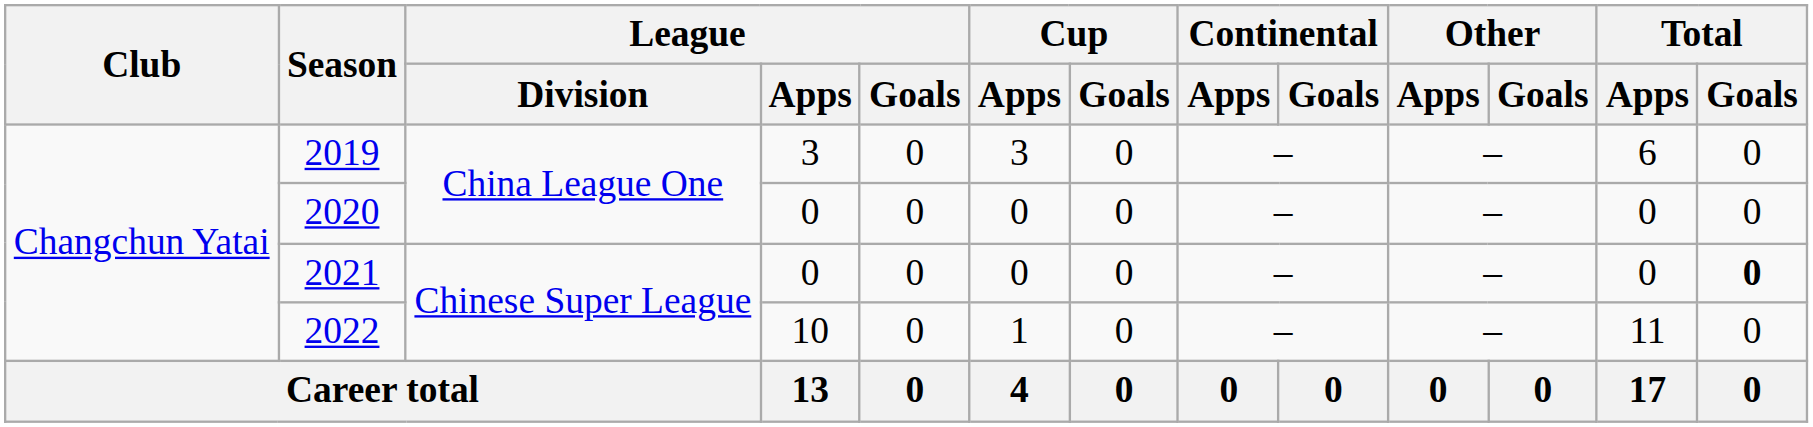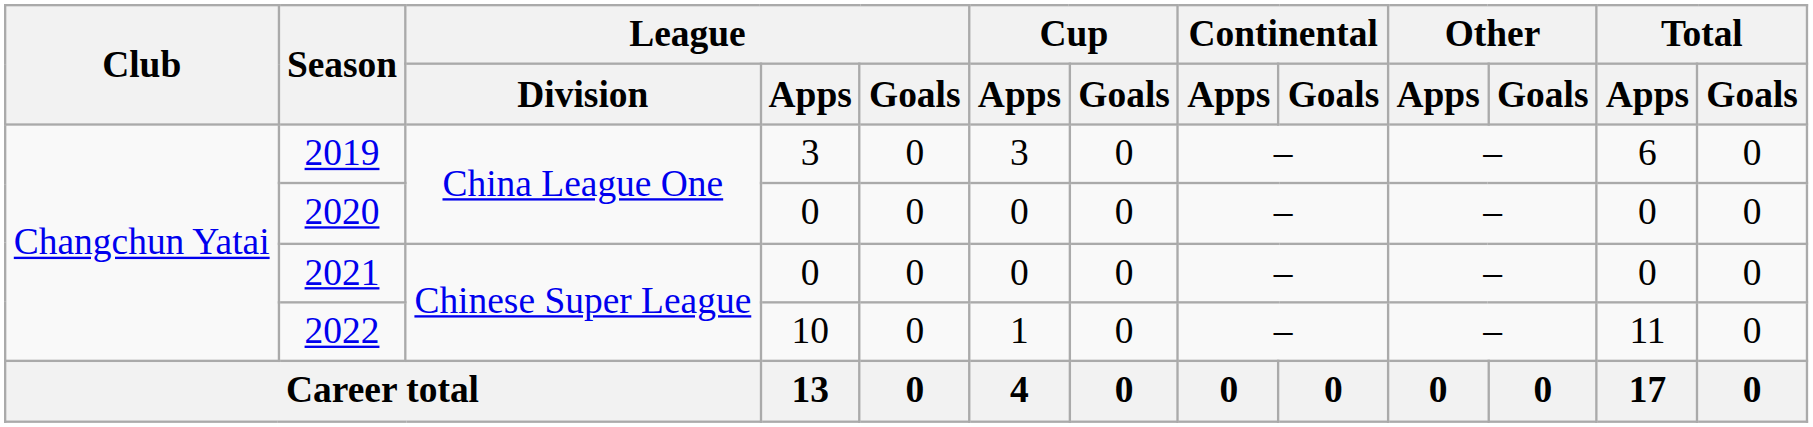 <table class="wikitable" style="text-align: center">
 <tr>
 <th rowspan="2">Club</th>
 <th rowspan="2">Season</th>
 <th colspan="3">League</th>
 <th colspan="2">Cup</th>
 <th colspan="2">Continental</th>
 <th colspan="2">Other</th>
 <th colspan="2">Total</th>
 </tr>
 <tr>
 <th>Division</th>
 <th>Apps</th>
 <th>Goals</th>
 <th>Apps</th>
 <th>Goals</th>
 <th>Apps</th>
 <th>Goals</th>
 <th>Apps</th>
 <th>Goals</th>
 <th>Apps</th>
 <th>Goals</th>
 </tr>
 <tr>
 <td rowspan=4><a href='#'>Changchun Yatai</a></td>
 <td><a href='#'>2019</a></td>
 <td rowspan="2"><a href='#'>China League One</a></td>
 <td>3</td>
 <td>0</td>
 <td>3</td>
 <td>0</td>
 <td colspan="2">–</td>
 <td colspan="2">–</td>
 <td>6</td>
 <td>0</td>
 </tr>
 <tr>
 <td><a href='#'>2020</a></td>
 <td>0</td>
 <td>0</td>
 <td>0</td>
 <td>0</td>
 <td colspan="2">–</td>
 <td colspan="2">–</td>
 <td>0</td>
 <td>0</td>
 </tr>
 <tr>
 <td><a href='#'>2021</a></td>
 <td rowspan=2><a href='#'>Chinese Super League</a></td>
 <td>0</td>
 <td>0</td>
 <td>0</td>
 <td>0</td>
 <td colspan="2">–</td>
 <td colspan="2">–</td>
 <td>0</td>
-<td><strong>0</strong></td>
+<td>0</td>
 </tr>
 <tr>
 <td><a href='#'>2022</a></td>
 <td>10</td>
 <td>0</td>
 <td>1</td>
 <td>0</td>
 <td colspan="2">–</td>
 <td colspan="2">–</td>
 <td>11</td>
 <td>0</td>
 </tr>
 <tr>
 <th colspan=3>Career total</th>
 <th>13</th>
 <th>0</th>
 <th>4</th>
 <th>0</th>
 <th>0</th>
 <th>0</th>
 <th>0</th>
 <th>0</th>
 <th>17</th>
 <th>0</th>
 </tr>
 </table>
